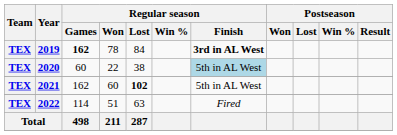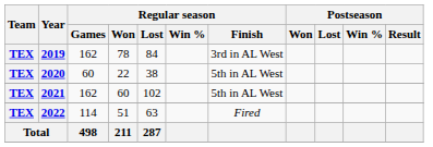 <table class="wikitable" style="font-size: 95%; text-align:center;">
 <tr>
 <th rowspan="2">Team</th>
 <th rowspan="2">Year</th>
 <th colspan="5">Regular season</th>
 <th colspan="4">Postseason</th>
 </tr>
 <tr>
 <th>Games</th>
 <th>Won</th>
 <th>Lost</th>
 <th>Win %</th>
 <th>Finish</th>
 <th>Won</th>
 <th>Lost</th>
 <th>Win %</th>
 <th>Result</th>
 </tr>
 <tr>
 <th><a href='#'>TEX</a></th>
 <th><a href='#'>2019</a></th>
-<td><strong>162</strong></td>
+<td>162</td>
 <td>78</td>
 <td>84</td>
 <td></td>
-<td><strong>3rd in AL West</strong></td>
+<td>3rd in AL West</td>
 <td></td>
 <td></td>
 <td></td>
 <td></td>
 </tr>
 <tr>
 <th><a href='#'>TEX</a></th>
 <th><a href='#'>2020</a></th>
 <td>60</td>
 <td>22</td>
 <td>38</td>
 <td></td>
-<td style="background: lightblue;">5th in AL West</td>
+<td>5th in AL West</td>
 <td></td>
 <td></td>
 <td></td>
 <td></td>
 </tr>
 <tr>
 </tr>
 <tr>
 <th><a href='#'>TEX</a></th>
 <th><a href='#'>2021</a></th>
 <td>162</td>
 <td>60</td>
-<td><strong>102</strong></td>
+<td>102</td>
 <td></td>
 <td>5th in AL West</td>
 <td></td>
 <td></td>
 <td></td>
 <td></td>
 </tr>
 <tr>
 </tr>
 <tr>
 <th><a href='#'>TEX</a></th>
 <th><a href='#'>2022</a></th>
 <td>114</td>
 <td>51</td>
 <td>63</td>
 <td></td>
 <td><em>Fired</em></td>
 <td></td>
 <td></td>
 <td></td>
 <td></td>
 </tr>
 <tr>
 <th colspan="2">Total</th>
 <th>498</th>
 <th>211</th>
 <th>287</th>
 <th></th>
 <th></th>
 <th></th>
 <th></th>
 <th></th>
 <th></th>
 </tr>
 <tr>
 </tr>
 </table>
